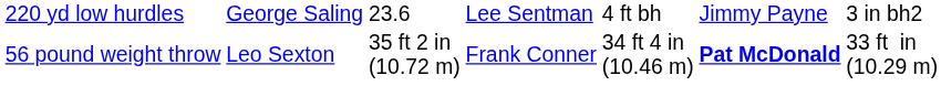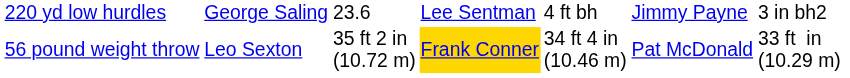 <table>
 <tr>
 <td><a href='#'>220 yd low hurdles</a></td>
 <td><a href='#'>George Saling</a></td>
 <td>23.6</td>
 <td><a href='#'>Lee Sentman</a></td>
 <td>4 ft bh</td>
 <td><a href='#'>Jimmy Payne</a></td>
 <td>3 in bh2</td>
 </tr>
 <tr>
 <td><a href='#'>56 pound weight throw</a></td>
 <td><a href='#'>Leo Sexton</a></td>
 <td>35 ft 2 in<br>(10.72 m)</td>
-<td><a href='#'>Frank Conner</a></td>
+<td style="background: gold;"><a href='#'>Frank Conner</a></td>
 <td>34 ft 4 in<br>(10.46 m)</td>
-<td><strong><a href='#'>Pat McDonald</a></strong></td>
+<td><a href='#'>Pat McDonald</a></td>
 <td>33 ft  in<br>(10.29 m)</td>
 </tr>
 </table>
